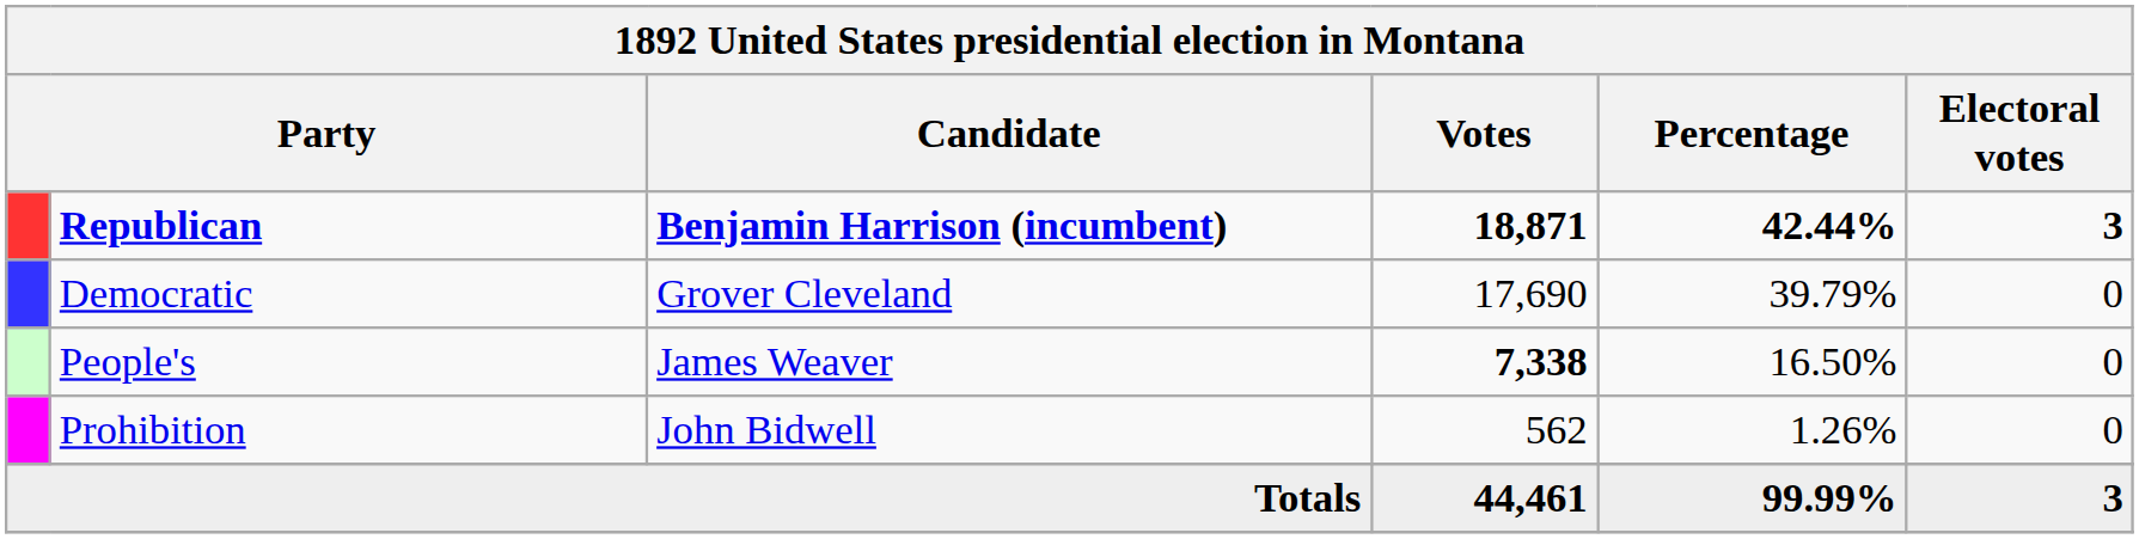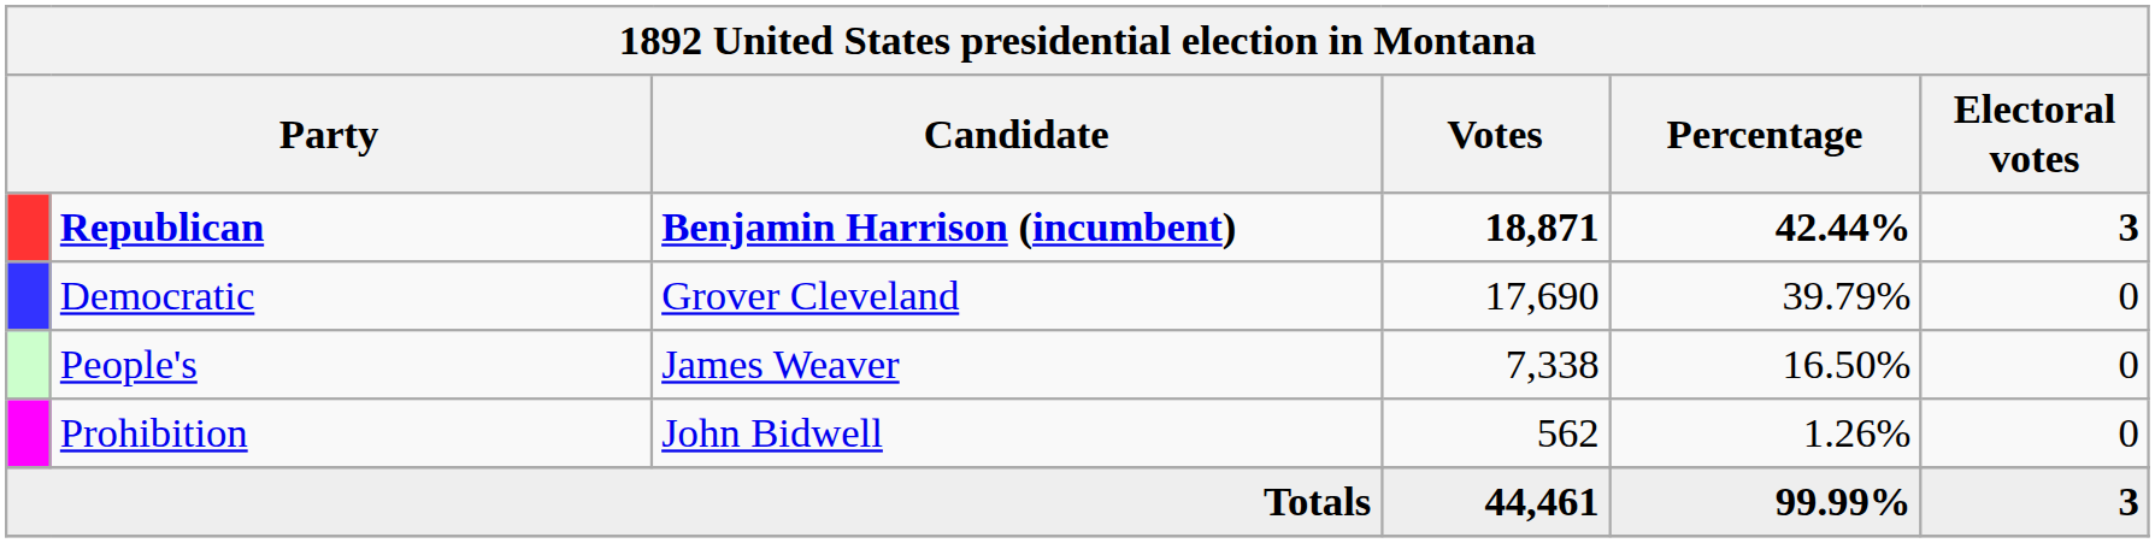 <table class="wikitable" style="font-size: 95%;">
 <tr>
 <th colspan="6">1892 United States presidential election in Montana</th>
 </tr>
 <tr>
 <th colspan="2" style="width: 15em">Party</th>
 <th style="width: 17em">Candidate</th>
 <th style="width: 5em">Votes</th>
 <th style="width: 7em">Percentage</th>
 <th style="width: 5em">Electoral votes</th>
 </tr>
 <tr>
 <th style="background-color:#FF3333; width: 3px"></th>
 <td style="width: 130px"><strong><a href='#'>Republican</a></strong></td>
 <td><strong><a href='#'>Benjamin Harrison</a> (<a href='#'>incumbent</a>)</strong></td>
 <td align="right"><strong>18,871</strong></td>
 <td align="right"><strong>42.44%</strong></td>
 <td align="right"><strong>3</strong></td>
 </tr>
 <tr>
 <th style="background-color:#3333FF; width: 3px"></th>
 <td style="width: 130px"><a href='#'>Democratic</a></td>
 <td><a href='#'>Grover Cleveland</a></td>
 <td align="right">17,690</td>
 <td align="right">39.79%</td>
 <td align="right">0</td>
 </tr>
 <tr>
 <th style="background-color:#CCFFCC; width: 3px"></th>
 <td style="width: 130px"><a href='#'>People's</a></td>
 <td><a href='#'>James Weaver</a></td>
-<td align="right"><strong>7,338</strong></td>
+<td align="right">7,338</td>
 <td align="right">16.50%</td>
 <td align="right">0</td>
 </tr>
 <tr>
 <th style="background-color:#FF00FF; width: 3px"></th>
 <td style="width: 130px"><a href='#'>Prohibition</a></td>
 <td><a href='#'>John Bidwell</a></td>
 <td align="right">562</td>
 <td align="right">1.26%</td>
 <td align="right">0</td>
 </tr>
 <tr>
 </tr>
 <tr bgcolor="#EEEEEE">
 <td colspan="3" align="right"><strong>Totals</strong></td>
 <td align="right"><strong>44,461</strong></td>
 <td align="right"><strong>99.99%</strong></td>
 <td align="right"><strong>3</strong></td>
 </tr>
 <tr>
 </tr>
 </table>
